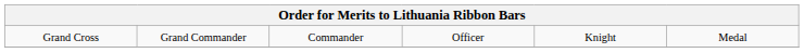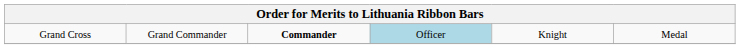 <table align=center class=wikitable width=60%>
 <tr>
 <th colspan=6>Order for Merits to Lithuania Ribbon Bars</th>
 </tr>
 <tr>
 <td width=16.6% valign=top align=center><small>Grand Cross</small></td>
 <td width=16.6% valign=top align=center><small>Grand Commander</small></td>
-<td width=16.6% valign=top align=center><small>Commander</small></td>
-<td width=16.6% valign=top align=center><small>Officer</small></td>
+<td width=16.6% valign=top align=center><strong><small>Commander</small></strong></td>
+<td width=16.6% valign=top align=center style="background: lightblue;"><small>Officer</small></td>
 <td width=16.6% valign=top align=center><small>Knight</small></td>
 <td width=16.6% valign=top align=center><small>Medal</small></td>
 </tr>
 <tr>
 </tr>
 </table>
